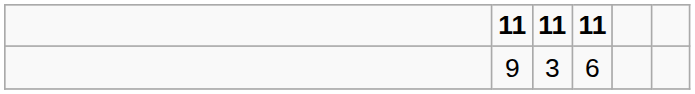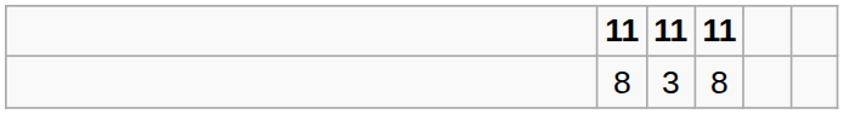 <table class="wikitable">
 <tr>
 <td style="width:18em"></td>
 <td align=center style="width:1em"><strong>11</strong></td>
 <td align=center style="width:1em"><strong>11</strong></td>
 <td align=center style="width:1em"><strong>11</strong></td>
 <td align=center style="width:1em"></td>
 <td align=center style="width:1em"></td>
 </tr>
 <tr>
 <td style="width:18em"></td>
-<td align=center style="width:1em">9</td>
+<td align=center style="width:1em">8</td>
 <td align=center style="width:1em">3</td>
-<td align=center style="width:1em">6</td>
+<td align=center style="width:1em">8</td>
 <td align=center style="width:1em"></td>
 <td align=center style="width:1em"></td>
 </tr>
 </table>
